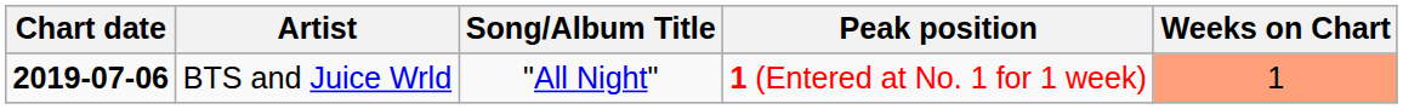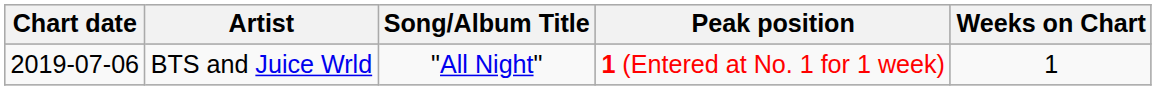 <table class="wikitable sortable" style="text-align:center">
 <tr>
 <th>Chart date</th>
 <th>Artist</th>
 <th>Song/Album Title</th>
 <th>Peak position</th>
 <th>Weeks on Chart</th>
 </tr>
 <tr>
-<td><strong>2019-07-06</strong></td>
+<td>2019-07-06</td>
 <td>BTS and <a href='#'>Juice Wrld</a></td>
 <td>"<a href='#'>All Night</a>"</td>
 <td style="color:red;"><strong>1</strong> (Entered at No. 1 for 1 week)</td>
-<td style="background: lightsalmon;">1</td>
+<td>1</td>
 </tr>
 </table>
